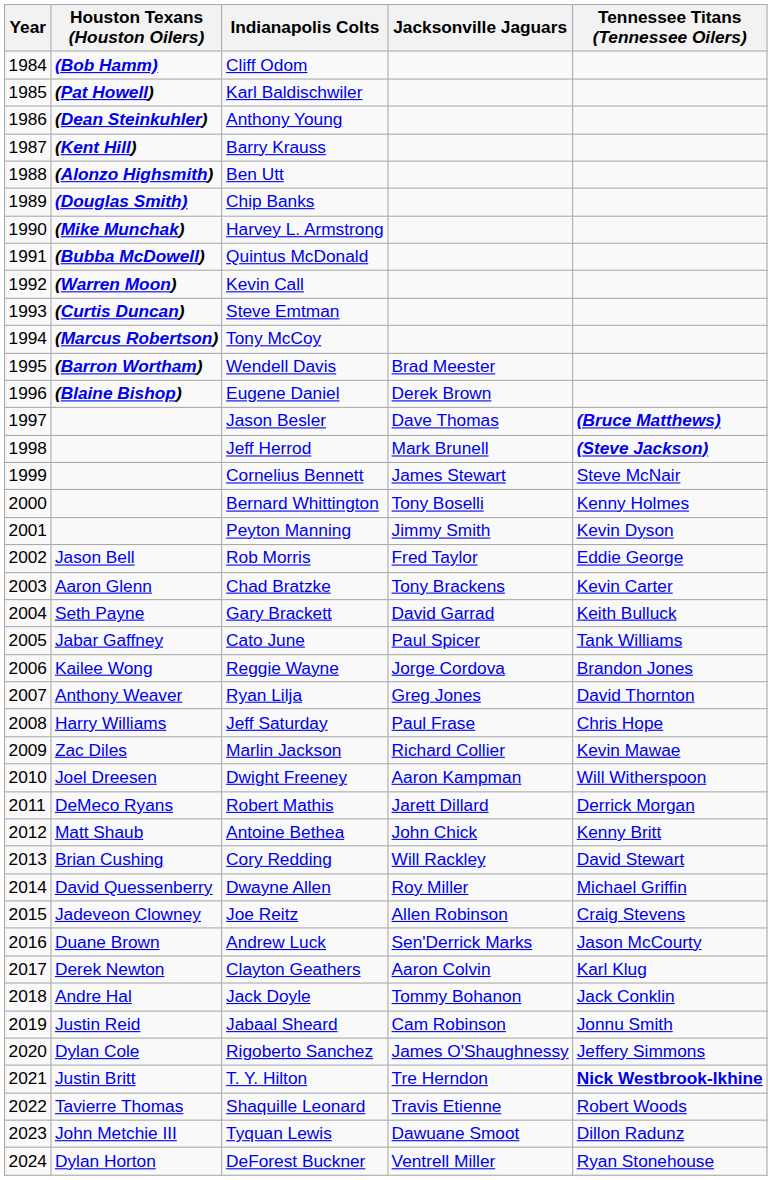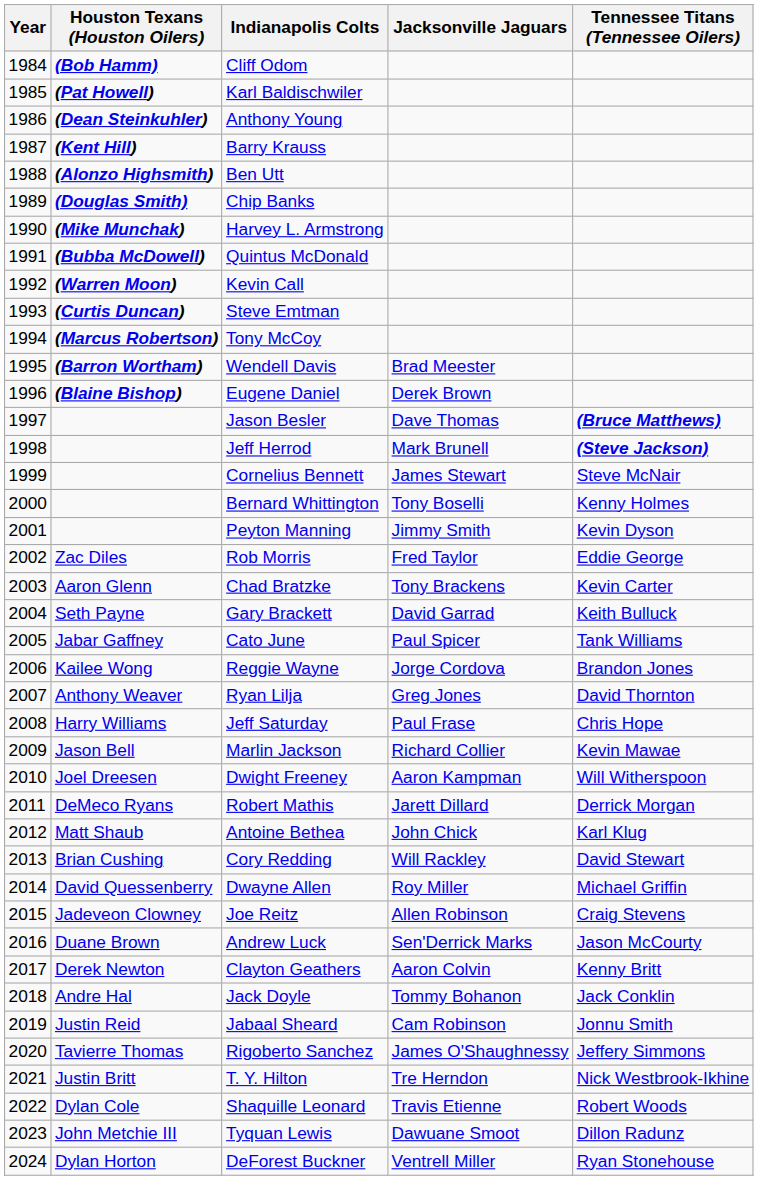 <table class="wikitable">
 <tr>
 <th>Year</th>
 <th>Houston Texans<br><strong><em>(Houston Oilers)</em></strong></th>
 <th>Indianapolis Colts</th>
 <th>Jacksonville Jaguars</th>
 <th>Tennessee Titans<br><em>(Tennessee Oilers)</em></th>
 </tr>
 <tr>
 <td>1984</td>
 <td><strong><em><a href='#'>(Bob Hamm)</a></em></strong></td>
 <td><a href='#'>Cliff Odom</a></td>
 <td></td>
 <td></td>
 </tr>
 <tr>
 <td>1985</td>
 <td><strong><em>(<a href='#'>Pat Howell</a>)</em></strong></td>
 <td><a href='#'>Karl Baldischwiler</a></td>
 <td></td>
 <td></td>
 </tr>
 <tr>
 <td>1986</td>
 <td><strong><em>(<a href='#'>Dean Steinkuhler</a>)</em></strong></td>
 <td><a href='#'>Anthony Young</a></td>
 <td></td>
 <td></td>
 </tr>
 <tr>
 <td>1987</td>
 <td><strong><em>(<a href='#'>Kent Hill</a>)</em></strong></td>
 <td><a href='#'>Barry Krauss</a></td>
 <td></td>
 <td></td>
 </tr>
 <tr>
 <td>1988</td>
 <td><strong><em>(<a href='#'>Alonzo Highsmith</a>)</em></strong></td>
 <td><a href='#'>Ben Utt</a></td>
 <td></td>
 <td></td>
 </tr>
 <tr>
 <td>1989</td>
 <td><strong><em><a href='#'>(Douglas Smith)</a></em></strong></td>
 <td><a href='#'>Chip Banks</a></td>
 <td></td>
 <td></td>
 </tr>
 <tr>
 <td>1990</td>
 <td><strong><em>(<a href='#'>Mike Munchak</a>)</em></strong></td>
 <td><a href='#'>Harvey L. Armstrong</a></td>
 <td></td>
 <td></td>
 </tr>
 <tr>
 <td>1991</td>
 <td><strong><em>(<a href='#'>Bubba McDowell</a>)</em></strong></td>
 <td><a href='#'>Quintus McDonald</a></td>
 <td></td>
 <td></td>
 </tr>
 <tr>
 <td>1992</td>
 <td><strong><em>(<a href='#'>Warren Moon</a>)</em></strong></td>
 <td><a href='#'>Kevin Call</a></td>
 <td></td>
 <td></td>
 </tr>
 <tr>
 <td>1993</td>
 <td><strong><em>(<a href='#'>Curtis Duncan</a>)</em></strong></td>
 <td><a href='#'>Steve Emtman</a></td>
 <td></td>
 <td></td>
 </tr>
 <tr>
 <td>1994</td>
 <td><strong><em>(<a href='#'>Marcus Robertson</a>)</em></strong></td>
 <td><a href='#'>Tony McCoy</a></td>
 <td></td>
 <td></td>
 </tr>
 <tr>
 <td>1995</td>
 <td><strong><em>(<a href='#'>Barron Wortham</a>)</em></strong></td>
 <td><a href='#'>Wendell Davis</a></td>
 <td><a href='#'>Brad Meester</a></td>
 <td></td>
 </tr>
 <tr>
 <td>1996</td>
 <td><strong><em>(<a href='#'>Blaine Bishop</a>)</em></strong></td>
 <td><a href='#'>Eugene Daniel</a></td>
 <td><a href='#'>Derek Brown</a></td>
 <td></td>
 </tr>
 <tr>
 <td>1997</td>
 <td></td>
 <td><a href='#'>Jason Besler</a></td>
 <td><a href='#'>Dave Thomas</a></td>
 <td><strong><em><a href='#'>(Bruce Matthews)</a></em></strong></td>
 </tr>
 <tr>
 <td>1998</td>
 <td></td>
 <td><a href='#'>Jeff Herrod</a></td>
 <td><a href='#'>Mark Brunell</a></td>
 <td><strong><em><a href='#'>(Steve Jackson)</a></em></strong></td>
 </tr>
 <tr>
 <td>1999</td>
 <td></td>
 <td><a href='#'>Cornelius Bennett</a></td>
 <td><a href='#'>James Stewart</a></td>
 <td><a href='#'>Steve McNair</a></td>
 </tr>
 <tr>
 <td>2000</td>
 <td></td>
 <td><a href='#'>Bernard Whittington</a></td>
 <td><a href='#'>Tony Boselli</a></td>
 <td><a href='#'>Kenny Holmes</a></td>
 </tr>
 <tr>
 <td>2001</td>
 <td></td>
 <td><a href='#'>Peyton Manning</a></td>
 <td><a href='#'>Jimmy Smith</a></td>
 <td><a href='#'>Kevin Dyson</a></td>
 </tr>
 <tr>
 <td>2002</td>
-<td><a href='#'>Jason Bell</a></td>
+<td><a href='#'>Zac Diles</a></td>
 <td><a href='#'>Rob Morris</a></td>
 <td><a href='#'>Fred Taylor</a></td>
 <td><a href='#'>Eddie George</a></td>
 </tr>
 <tr>
 <td>2003</td>
 <td><a href='#'>Aaron Glenn</a></td>
 <td><a href='#'>Chad Bratzke</a></td>
 <td><a href='#'>Tony Brackens</a></td>
 <td><a href='#'>Kevin Carter</a></td>
 </tr>
 <tr>
 <td>2004</td>
 <td><a href='#'>Seth Payne</a></td>
 <td><a href='#'>Gary Brackett</a></td>
 <td><a href='#'>David Garrad</a></td>
 <td><a href='#'>Keith Bulluck</a></td>
 </tr>
 <tr>
 <td>2005</td>
 <td><a href='#'>Jabar Gaffney</a></td>
 <td><a href='#'>Cato June</a></td>
 <td><a href='#'>Paul Spicer</a></td>
 <td><a href='#'>Tank Williams</a></td>
 </tr>
 <tr>
 <td>2006</td>
 <td><a href='#'>Kailee Wong</a></td>
 <td><a href='#'>Reggie Wayne</a></td>
 <td><a href='#'>Jorge Cordova</a></td>
 <td><a href='#'>Brandon Jones</a></td>
 </tr>
 <tr>
 <td>2007</td>
 <td><a href='#'>Anthony Weaver</a></td>
 <td><a href='#'>Ryan Lilja</a></td>
 <td><a href='#'>Greg Jones</a></td>
 <td><a href='#'>David Thornton</a></td>
 </tr>
 <tr>
 <td>2008</td>
 <td><a href='#'>Harry Williams</a></td>
 <td><a href='#'>Jeff Saturday</a></td>
 <td><a href='#'>Paul Frase</a></td>
 <td><a href='#'>Chris Hope</a></td>
 </tr>
 <tr>
 <td>2009</td>
-<td><a href='#'>Zac Diles</a></td>
+<td><a href='#'>Jason Bell</a></td>
 <td><a href='#'>Marlin Jackson</a></td>
 <td><a href='#'>Richard Collier</a></td>
 <td><a href='#'>Kevin Mawae</a></td>
 </tr>
 <tr>
 <td>2010</td>
 <td><a href='#'>Joel Dreesen</a></td>
 <td><a href='#'>Dwight Freeney</a></td>
 <td><a href='#'>Aaron Kampman</a></td>
 <td><a href='#'>Will Witherspoon</a></td>
 </tr>
 <tr>
 <td>2011</td>
 <td><a href='#'>DeMeco Ryans</a></td>
 <td><a href='#'>Robert Mathis</a></td>
 <td><a href='#'>Jarett Dillard</a></td>
 <td><a href='#'>Derrick Morgan</a></td>
 </tr>
 <tr>
 <td>2012</td>
 <td><a href='#'>Matt Shaub</a></td>
 <td><a href='#'>Antoine Bethea</a></td>
 <td><a href='#'>John Chick</a></td>
-<td><a href='#'>Kenny Britt</a></td>
+<td><a href='#'>Karl Klug</a></td>
 </tr>
 <tr>
 <td>2013</td>
 <td><a href='#'>Brian Cushing</a></td>
 <td><a href='#'>Cory Redding</a></td>
 <td><a href='#'>Will Rackley</a></td>
 <td><a href='#'>David Stewart</a></td>
 </tr>
 <tr>
 <td>2014</td>
 <td><a href='#'>David Quessenberry</a></td>
 <td><a href='#'>Dwayne Allen</a></td>
 <td><a href='#'>Roy Miller</a></td>
 <td><a href='#'>Michael Griffin</a></td>
 </tr>
 <tr>
 <td>2015</td>
 <td><a href='#'>Jadeveon Clowney</a></td>
 <td><a href='#'>Joe Reitz</a></td>
 <td><a href='#'>Allen Robinson</a></td>
 <td><a href='#'>Craig Stevens</a></td>
 </tr>
 <tr>
 <td>2016</td>
 <td><a href='#'>Duane Brown</a></td>
 <td><a href='#'>Andrew Luck</a></td>
 <td><a href='#'>Sen'Derrick Marks</a></td>
 <td><a href='#'>Jason McCourty</a></td>
 </tr>
 <tr>
 <td>2017</td>
 <td><a href='#'>Derek Newton</a></td>
 <td><a href='#'>Clayton Geathers</a></td>
 <td><a href='#'>Aaron Colvin</a></td>
-<td><a href='#'>Karl Klug</a></td>
+<td><a href='#'>Kenny Britt</a></td>
 </tr>
 <tr>
 <td>2018</td>
 <td><a href='#'>Andre Hal</a></td>
 <td><a href='#'>Jack Doyle</a></td>
 <td><a href='#'>Tommy Bohanon</a></td>
 <td><a href='#'>Jack Conklin</a></td>
 </tr>
 <tr>
 <td>2019</td>
 <td><a href='#'>Justin Reid</a></td>
 <td><a href='#'>Jabaal Sheard</a></td>
 <td><a href='#'>Cam Robinson</a></td>
 <td><a href='#'>Jonnu Smith</a></td>
 </tr>
 <tr>
 <td>2020</td>
-<td><a href='#'>Dylan Cole</a></td>
+<td><a href='#'>Tavierre Thomas</a></td>
 <td><a href='#'>Rigoberto Sanchez</a></td>
 <td><a href='#'>James O'Shaughnessy</a></td>
 <td><a href='#'>Jeffery Simmons</a></td>
 </tr>
 <tr>
 <td>2021</td>
 <td><a href='#'>Justin Britt</a></td>
 <td><a href='#'>T. Y. Hilton</a></td>
 <td><a href='#'>Tre Herndon</a></td>
-<td><strong><a href='#'>Nick Westbrook-Ikhine</a></strong></td>
+<td><a href='#'>Nick Westbrook-Ikhine</a></td>
 </tr>
 <tr>
 <td>2022</td>
-<td><a href='#'>Tavierre Thomas</a></td>
+<td><a href='#'>Dylan Cole</a></td>
 <td><a href='#'>Shaquille Leonard</a></td>
 <td><a href='#'>Travis Etienne</a></td>
 <td><a href='#'>Robert Woods</a></td>
 </tr>
 <tr>
 <td>2023</td>
 <td><a href='#'>John Metchie III</a></td>
 <td><a href='#'>Tyquan Lewis</a></td>
 <td><a href='#'>Dawuane Smoot</a></td>
 <td><a href='#'>Dillon Radunz</a></td>
 </tr>
 <tr>
 <td>2024</td>
 <td><a href='#'>Dylan Horton</a></td>
 <td><a href='#'>DeForest Buckner</a></td>
 <td><a href='#'>Ventrell Miller</a></td>
 <td><a href='#'>Ryan Stonehouse</a></td>
 </tr>
 </table>
